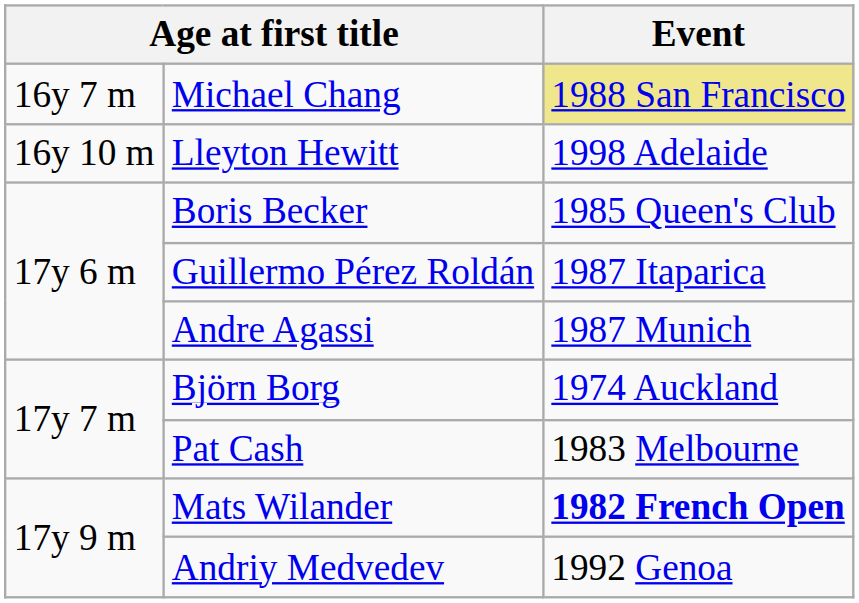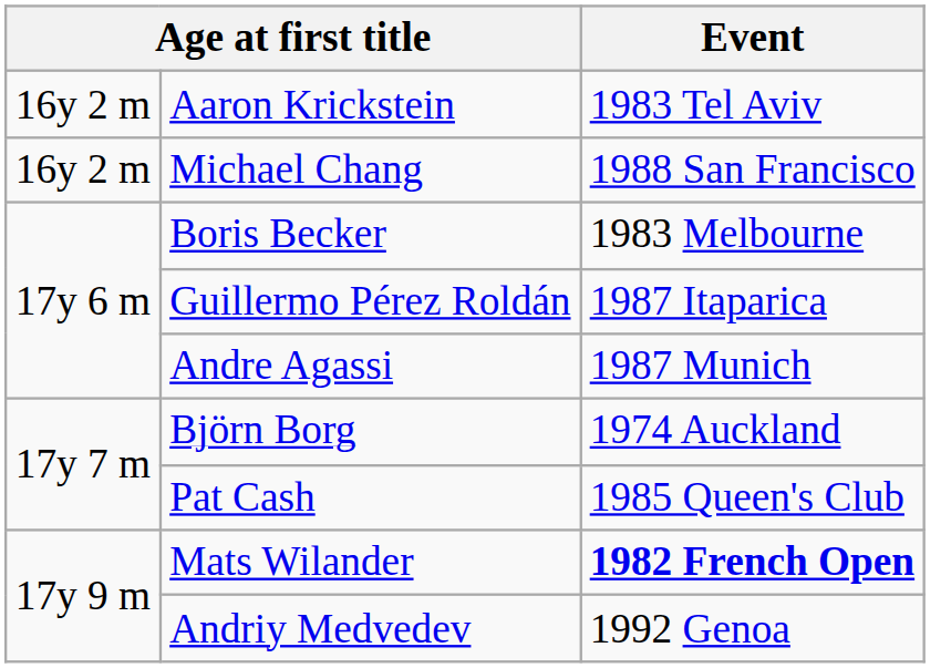 <table class="wikitable" style="display:inline-table;">
 <tr>
 <th colspan=2>Age at first title</th>
 <th>Event<br></th>
 </tr>
 <tr>
-<td>16y 7 m</td>
-<td> <a href='#'>Michael Chang</a></td>
-<td style="background: khaki;"><a href='#'>1988 San Francisco</a></td>
+<td>16y 2 m</td>
+<td> <a href='#'>Aaron Krickstein</a></td>
+<td><a href='#'>1983 Tel Aviv</a></td>
 </tr>
 <tr>
-<td>16y 10 m</td>
-<td> <a href='#'>Lleyton Hewitt</a></td>
-<td><a href='#'>1998 Adelaide</a></td>
+<td>16y 2 m</td>
+<td> <a href='#'>Michael Chang</a></td>
+<td><a href='#'>1988 San Francisco</a></td>
 </tr>
 <tr>
 <td rowspan=3>17y 6 m</td>
 <td> <a href='#'>Boris Becker</a></td>
-<td><a href='#'>1985 Queen's Club</a></td>
+<td>1983 <a href='#'>Melbourne</a></td>
 </tr>
 <tr>
 <td> <a href='#'>Guillermo Pérez Roldán</a></td>
 <td><a href='#'>1987 Itaparica</a></td>
 </tr>
 <tr>
 <td> <a href='#'>Andre Agassi</a></td>
 <td><a href='#'>1987 Munich</a></td>
 </tr>
 <tr>
 <td rowspan=2>17y 7 m</td>
 <td> <a href='#'>Björn Borg</a></td>
 <td><a href='#'>1974 Auckland</a></td>
 </tr>
 <tr>
 <td> <a href='#'>Pat Cash</a></td>
-<td>1983 <a href='#'>Melbourne</a></td>
+<td><a href='#'>1985 Queen's Club</a></td>
 </tr>
 <tr>
 <td rowspan=2>17y 9 m</td>
 <td> <a href='#'>Mats Wilander</a></td>
 <td><a href='#'><strong>1982 French Open</strong></a></td>
 </tr>
 <tr>
 <td> <a href='#'>Andriy Medvedev</a></td>
 <td>1992 <a href='#'>Genoa</a></td>
 </tr>
 </table>
